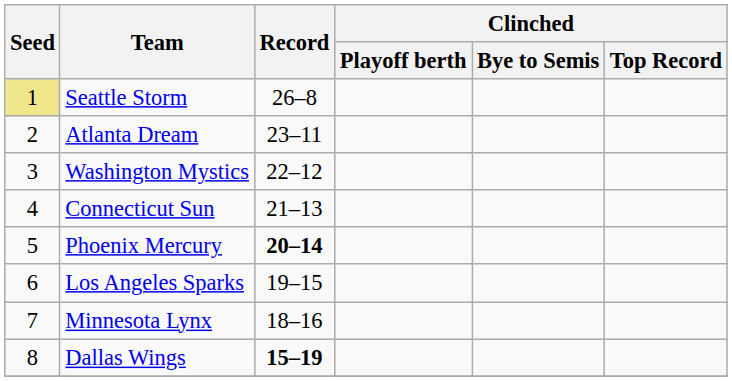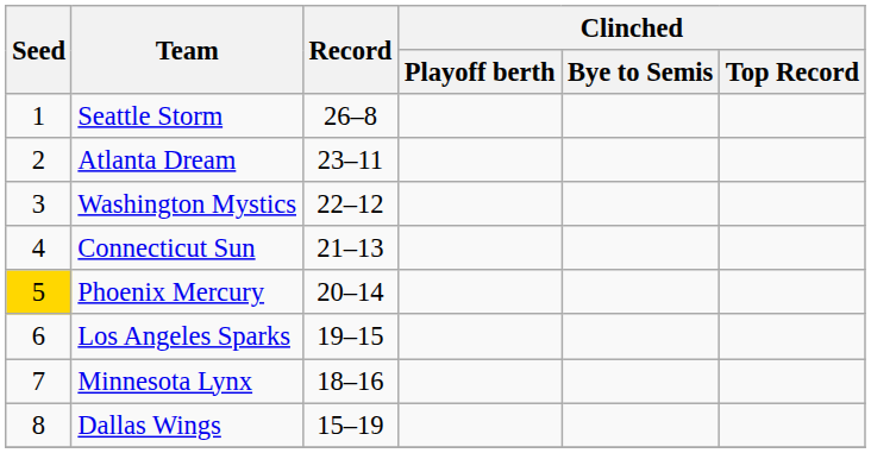 <table class="wikitable"  style="font-size:95%; text-align:center">
 <tr>
 <th rowspan=2>Seed</th>
 <th rowspan=2>Team</th>
 <th rowspan=2>Record</th>
 <th colspan=3>Clinched</th>
 </tr>
 <tr>
 <th>Playoff berth</th>
 <th>Bye to Semis</th>
 <th>Top Record</th>
 </tr>
 <tr>
-<td style="background: khaki;">1</td>
+<td>1</td>
 <td align=left><a href='#'>Seattle Storm</a></td>
 <td>26–8</td>
 <td></td>
 <td></td>
 <td></td>
 </tr>
 <tr>
 <td>2</td>
 <td align=left><a href='#'>Atlanta Dream</a></td>
 <td>23–11</td>
 <td></td>
 <td></td>
 <td></td>
 </tr>
 <tr>
 <td>3</td>
 <td align=left><a href='#'>Washington Mystics</a></td>
 <td>22–12</td>
 <td></td>
 <td></td>
 <td></td>
 </tr>
 <tr>
 <td>4</td>
 <td align=left><a href='#'>Connecticut Sun</a></td>
 <td>21–13</td>
 <td></td>
 <td></td>
 <td></td>
 </tr>
 <tr>
-<td>5</td>
+<td style="background: gold;">5</td>
 <td align=left><a href='#'>Phoenix Mercury</a></td>
-<td><strong>20–14</strong></td>
+<td>20–14</td>
 <td></td>
 <td></td>
 <td></td>
 </tr>
 <tr>
 <td>6</td>
 <td align=left><a href='#'>Los Angeles Sparks</a></td>
 <td>19–15</td>
 <td></td>
 <td></td>
 <td></td>
 </tr>
 <tr>
 <td>7</td>
 <td align=left><a href='#'>Minnesota Lynx</a></td>
 <td>18–16</td>
 <td></td>
 <td></td>
 <td></td>
 </tr>
 <tr>
 <td>8</td>
 <td align=left><a href='#'>Dallas Wings</a></td>
-<td><strong>15–19</strong></td>
+<td>15–19</td>
 <td></td>
 <td></td>
 <td></td>
 </tr>
 <tr>
 </tr>
 </table>
